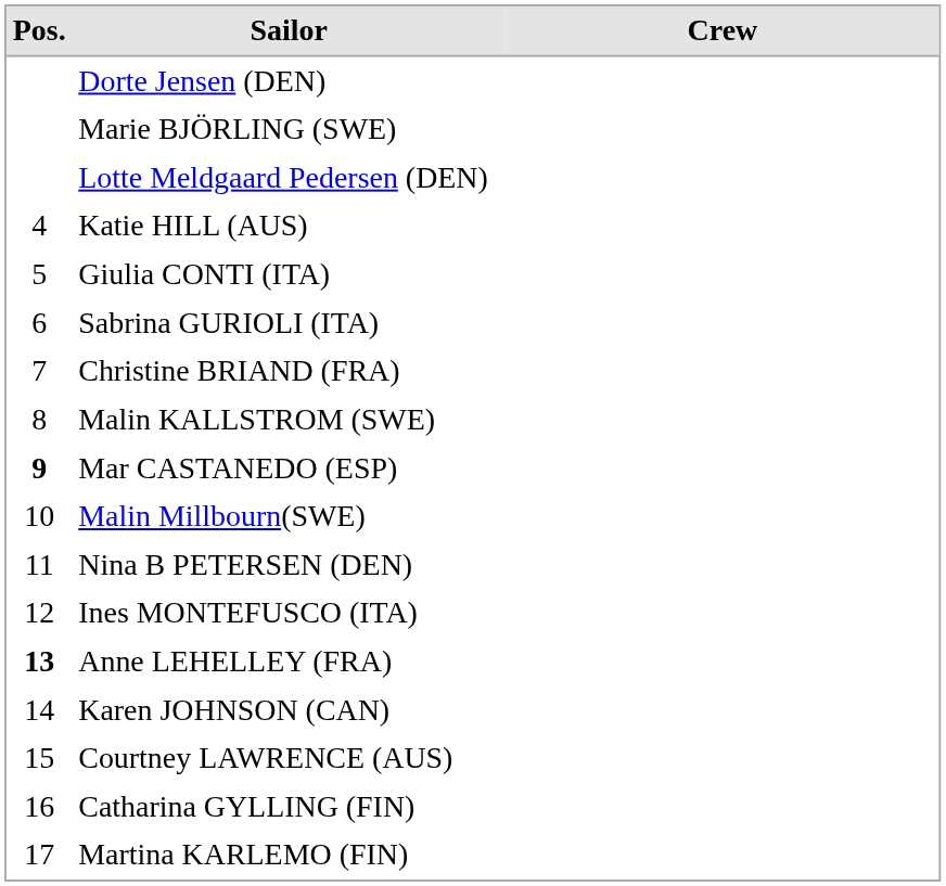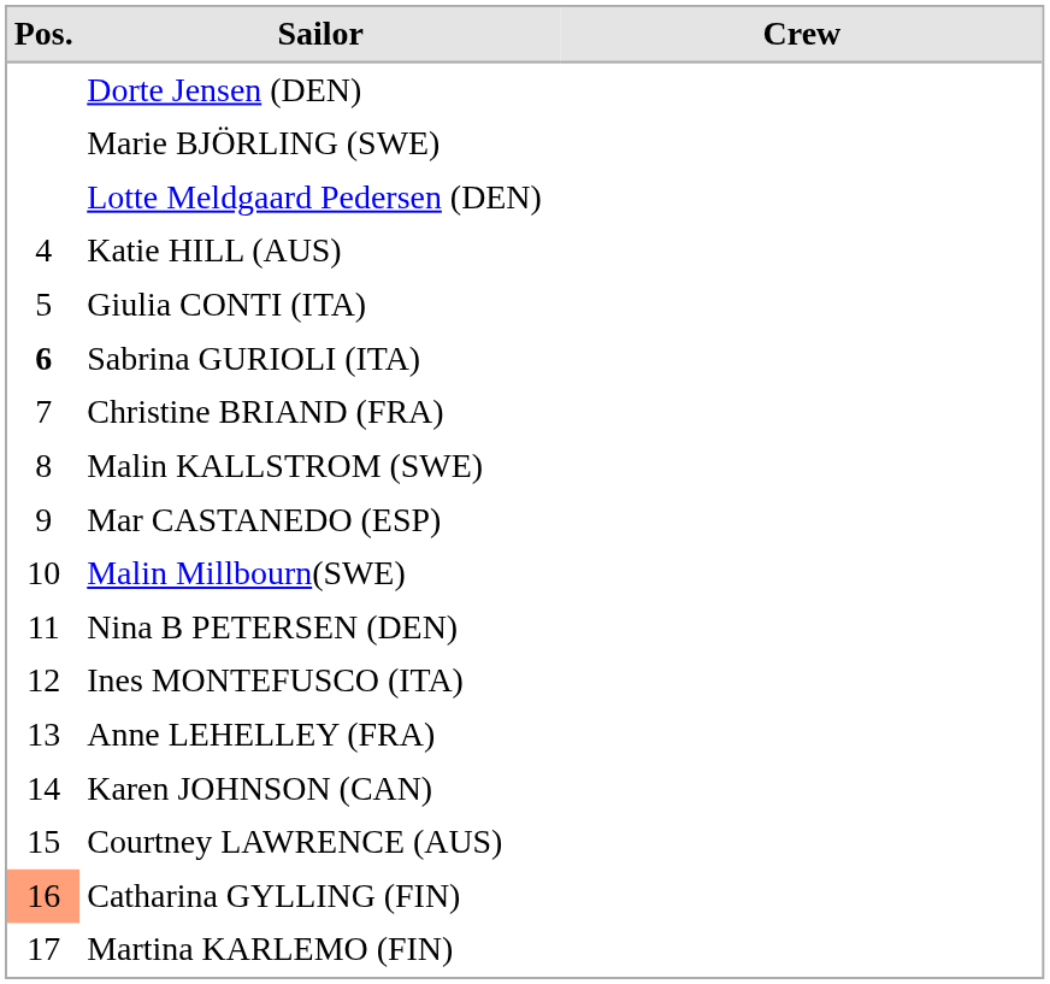 <table cellspacing="0" cellpadding="3" style="border:1px solid #AAAAAA;font-size:90%">
 <tr bgcolor="#E4E4E4">
 <th style="border-bottom:1px solid #AAAAAA" width=10>Pos.</th>
 <th style="border-bottom:1px solid #AAAAAA" width=200>Sailor</th>
 <th style="border-bottom:1px solid #AAAAAA" width=200>Crew</th>
 </tr>
 <tr>
 <td align="center"></td>
 <td><a href='#'>Dorte Jensen</a> (DEN)</td>
 <td></td>
 </tr>
 <tr>
 <td align="center"></td>
 <td>Marie BJÖRLING (SWE)</td>
 <td></td>
 </tr>
 <tr>
 <td align="center"></td>
 <td><a href='#'>Lotte Meldgaard Pedersen</a> (DEN)</td>
 <td></td>
 </tr>
 <tr>
 <td align="center">4</td>
 <td>Katie HILL (AUS)</td>
 <td></td>
 </tr>
 <tr>
 <td align="center">5</td>
 <td>Giulia CONTI (ITA)</td>
 <td></td>
 </tr>
 <tr>
-<td align="center">6</td>
+<td align="center"><strong>6</strong></td>
 <td>Sabrina GURIOLI (ITA)</td>
 <td></td>
 </tr>
 <tr>
 <td align="center">7</td>
 <td>Christine BRIAND (FRA)</td>
 <td></td>
 </tr>
 <tr>
 <td align="center">8</td>
 <td>Malin KALLSTROM (SWE)</td>
 <td></td>
 </tr>
 <tr>
-<td align="center"><strong>9</strong></td>
+<td align="center">9</td>
 <td>Mar CASTANEDO (ESP)</td>
 <td></td>
 </tr>
 <tr>
 <td align="center">10</td>
 <td><a href='#'>Malin Millbourn</a>(SWE)</td>
 <td></td>
 </tr>
 <tr>
 <td align="center">11</td>
 <td>Nina B PETERSEN (DEN)</td>
 <td></td>
 </tr>
 <tr>
 <td align="center">12</td>
 <td>Ines MONTEFUSCO (ITA)</td>
 <td></td>
 </tr>
 <tr>
-<td align="center"><strong>13</strong></td>
+<td align="center">13</td>
 <td>Anne LEHELLEY (FRA)</td>
 <td></td>
 </tr>
 <tr>
 <td align="center">14</td>
 <td>Karen JOHNSON (CAN)</td>
 <td></td>
 </tr>
 <tr>
 <td align="center">15</td>
 <td>Courtney LAWRENCE (AUS)</td>
 <td></td>
 </tr>
 <tr>
-<td align="center">16</td>
+<td align="center" style="background: lightsalmon;">16</td>
 <td>Catharina GYLLING (FIN)</td>
 <td></td>
 </tr>
 <tr>
 <td align="center">17</td>
 <td>Martina KARLEMO (FIN)</td>
 <td></td>
 </tr>
 <tr>
 </tr>
 </table>
